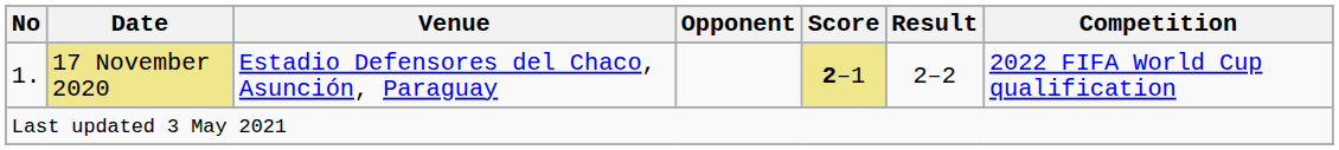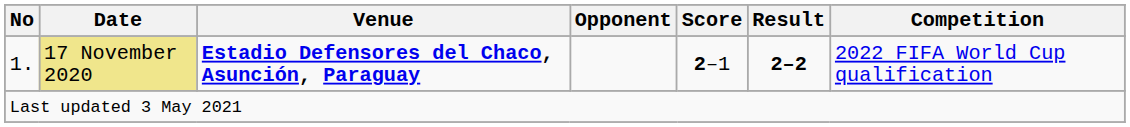 <table class="wikitable" style="font-size:85%;">
 <tr>
 <th>No</th>
 <th>Date</th>
 <th>Venue</th>
 <th>Opponent</th>
 <th>Score</th>
 <th>Result</th>
 <th>Competition</th>
 </tr>
 <tr>
 <td>1.</td>
 <td style="background: khaki;">17 November 2020</td>
-<td><a href='#'>Estadio Defensores del Chaco</a>, <a href='#'>Asunción</a>, <a href='#'>Paraguay</a></td>
+<td><strong><a href='#'>Estadio Defensores del Chaco</a>, <a href='#'>Asunción</a>, <a href='#'>Paraguay</a></strong></td>
 <td></td>
-<td align=center style="background: khaki;"><strong>2</strong>–1</td>
-<td align=center>2–2</td>
+<td align=center><strong>2</strong>–1</td>
+<td align=center><strong>2–2</strong></td>
 <td><a href='#'>2022 FIFA World Cup qualification</a></td>
 </tr>
 <tr>
 <td colspan="7"><small>Last updated 3 May 2021</small></td>
 </tr>
 </table>
